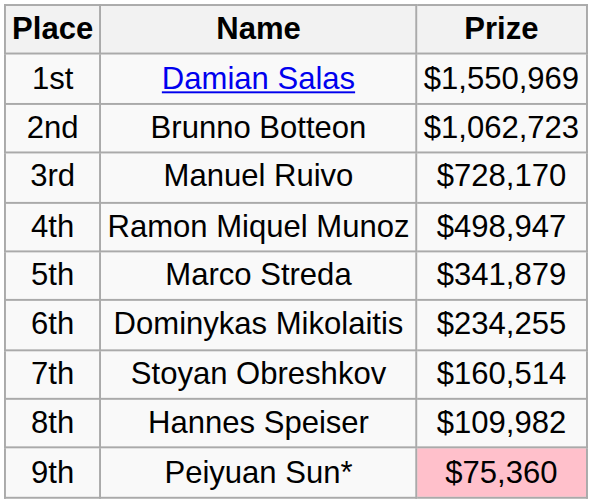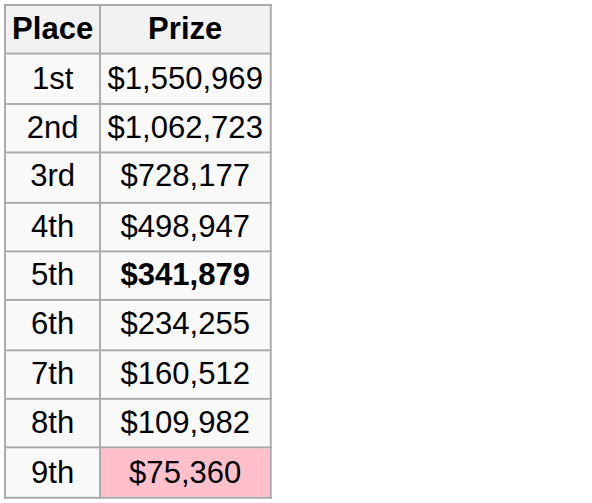 <table class="wikitable" style="display: inline-table;">
 <tr>
 <th>Place</th>
-<th>Name</th>
 <th>Prize</th>
 </tr>
 <tr>
 <td align=center>1st</td>
-<td align=center><a href='#'>Damian Salas</a></td>
 <td align=center>$1,550,969</td>
 </tr>
 <tr>
 <td align=center>2nd</td>
-<td align=center>Brunno Botteon</td>
 <td align=center>$1,062,723</td>
 </tr>
 <tr>
 <td align=center>3rd</td>
-<td align=center>Manuel Ruivo</td>
-<td align=center>$728,170</td>
+<td align=center>$728,177</td>
 </tr>
 <tr>
 <td align=center>4th</td>
-<td align=center>Ramon Miquel Munoz</td>
 <td align=center>$498,947</td>
 </tr>
 <tr>
 <td align=center>5th</td>
-<td align=center>Marco Streda</td>
-<td align=center>$341,879</td>
+<td align=center><strong>$341,879</strong></td>
 </tr>
 <tr>
 <td align=center>6th</td>
-<td align=center>Dominykas Mikolaitis</td>
 <td align=center>$234,255</td>
 </tr>
 <tr>
 <td align=center>7th</td>
-<td align=center>Stoyan Obreshkov</td>
-<td align=center>$160,514</td>
+<td align=center>$160,512</td>
 </tr>
 <tr>
 <td align=center>8th</td>
-<td align=center>Hannes Speiser</td>
 <td align=center>$109,982</td>
 </tr>
 <tr>
 <td align=center>9th</td>
-<td align=center>Peiyuan Sun*</td>
 <td align=center style="background: pink;">$75,360</td>
 </tr>
 </table>
